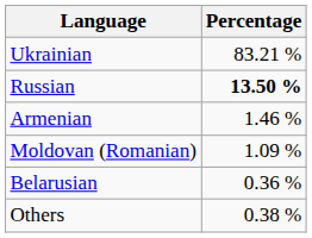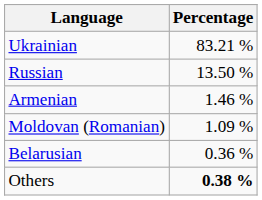 <table class="wikitable">
 <tr>
 <th>Language</th>
 <th>Percentage</th>
 </tr>
 <tr>
 <td><a href='#'>Ukrainian</a></td>
 <td align="right">83.21 %</td>
 </tr>
 <tr>
 <td><a href='#'>Russian</a></td>
-<td align="right"><strong>13.50 %</strong></td>
+<td align="right">13.50 %</td>
 </tr>
 <tr>
 <td><a href='#'>Armenian</a></td>
 <td align="right">1.46 %</td>
 </tr>
 <tr>
 <td><a href='#'>Moldovan</a> (<a href='#'>Romanian</a>)</td>
 <td align="right">1.09 %</td>
 </tr>
 <tr>
 <td><a href='#'>Belarusian</a></td>
 <td align="right">0.36 %</td>
 </tr>
 <tr>
 <td>Others</td>
-<td align="right">0.38 %</td>
+<td align="right"><strong>0.38 %</strong></td>
 </tr>
 </table>
